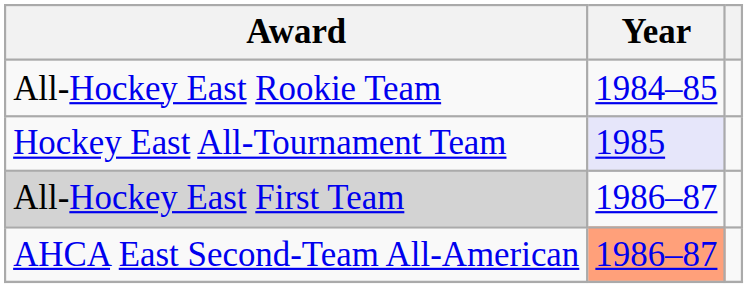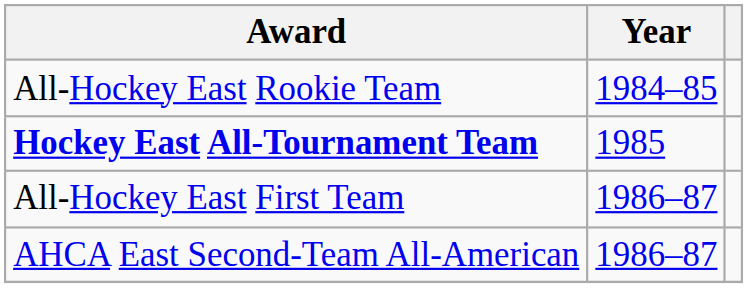 <table class="wikitable">
 <tr>
 <th>Award</th>
 <th>Year</th>
 <th></th>
 </tr>
 <tr>
 <td>All-<a href='#'>Hockey East</a> <a href='#'>Rookie Team</a></td>
 <td><a href='#'>1984–85</a></td>
 <td></td>
 </tr>
 <tr>
-<td><a href='#'>Hockey East</a> <a href='#'>All-Tournament Team</a></td>
-<td style="background: lavender;"><a href='#'>1985</a></td>
+<td><strong><a href='#'>Hockey East</a> <a href='#'>All-Tournament Team</a></strong></td>
+<td><a href='#'>1985</a></td>
 <td></td>
 </tr>
 <tr>
-<td style="background: lightgrey;">All-<a href='#'>Hockey East</a> <a href='#'>First Team</a></td>
+<td>All-<a href='#'>Hockey East</a> <a href='#'>First Team</a></td>
 <td><a href='#'>1986–87</a></td>
 <td></td>
 </tr>
 <tr>
 <td><a href='#'>AHCA</a> <a href='#'>East Second-Team All-American</a></td>
-<td style="background: lightsalmon;"><a href='#'>1986–87</a></td>
+<td><a href='#'>1986–87</a></td>
 <td></td>
 </tr>
 <tr>
 </tr>
 </table>
